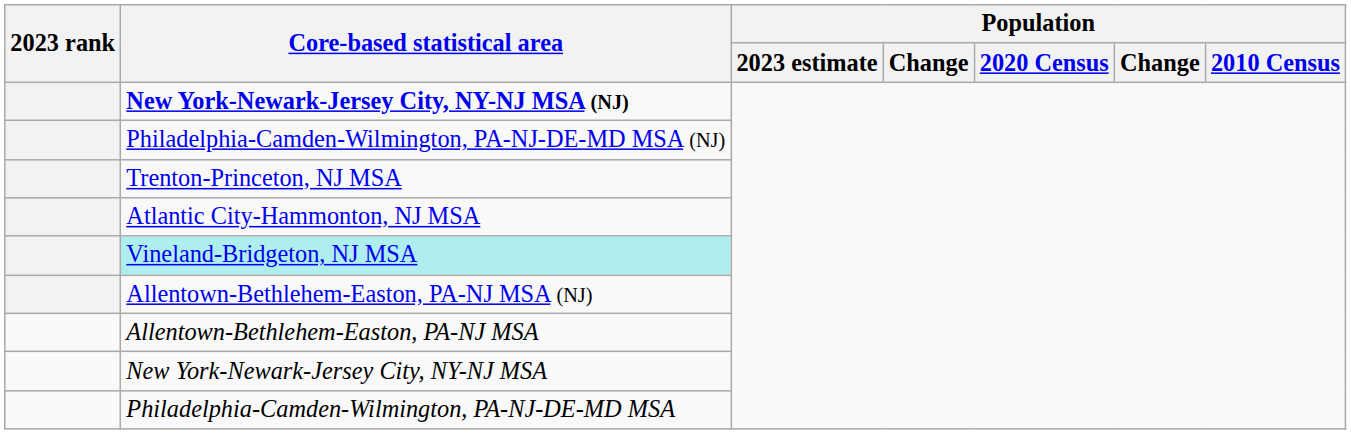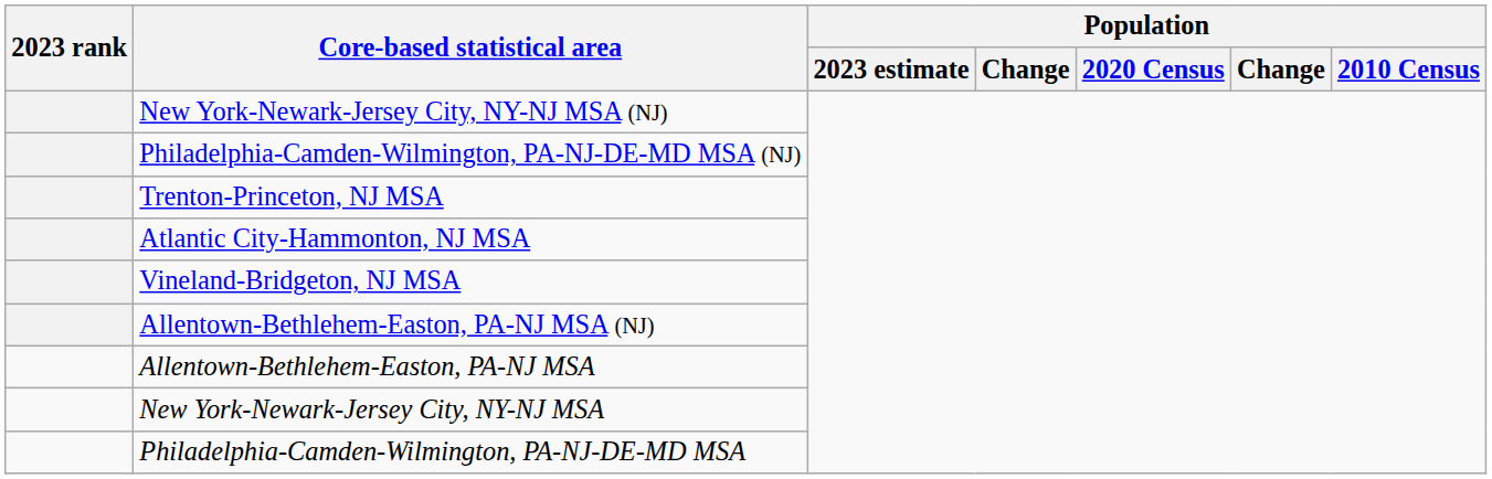 <table class="wikitable sortable">
 <tr>
 <th scope=col rowspan=2>2023 rank</th>
 <th scope=col rowspan=2><a href='#'>Core-based statistical area</a></th>
 <th colspan=5>Population</th>
 </tr>
 <tr>
 <th scope=col>2023 estimate</th>
 <th scope=col>Change</th>
 <th scope=col><a href='#'>2020 Census</a></th>
 <th scope=col>Change</th>
 <th scope=col><a href='#'>2010 Census</a></th>
 </tr>
 <tr>
 <th scope=row></th>
-<td><strong><a href='#'>New York-Newark-Jersey City, NY-NJ MSA</a> <small>(NJ)</small><br></strong></td>
+<td><a href='#'>New York-Newark-Jersey City, NY-NJ MSA</a> <small>(NJ)</small><br></td>
 </tr>
 <tr>
 <th scope=row></th>
 <td><a href='#'>Philadelphia-Camden-Wilmington, PA-NJ-DE-MD MSA</a> <small>(NJ)</small><br></td>
 </tr>
 <tr>
 <th scope=row></th>
 <td><a href='#'>Trenton-Princeton, NJ MSA</a><br></td>
 </tr>
 <tr>
 <th scope=row></th>
 <td><a href='#'>Atlantic City-Hammonton, NJ MSA</a><br></td>
 </tr>
 <tr>
 <th scope=row></th>
-<td style="background: paleturquoise;"><a href='#'>Vineland-Bridgeton, NJ MSA</a><br></td>
+<td><a href='#'>Vineland-Bridgeton, NJ MSA</a><br></td>
 </tr>
 <tr>
 <th scope=row></th>
 <td><a href='#'>Allentown-Bethlehem-Easton, PA-NJ MSA</a> <small>(NJ)</small><br></td>
 </tr>
 <tr>
 <td></td>
 <td><em><span>Allentown-Bethlehem-Easton, PA-NJ MSA</span></em><br></td>
 </tr>
 <tr>
 <td></td>
 <td><em><span>New York-Newark-Jersey City, NY-NJ MSA</span></em><br></td>
 </tr>
 <tr>
 <td></td>
 <td><em><span>Philadelphia-Camden-Wilmington, PA-NJ-DE-MD MSA</span></em><br></td>
 </tr>
 </table>
